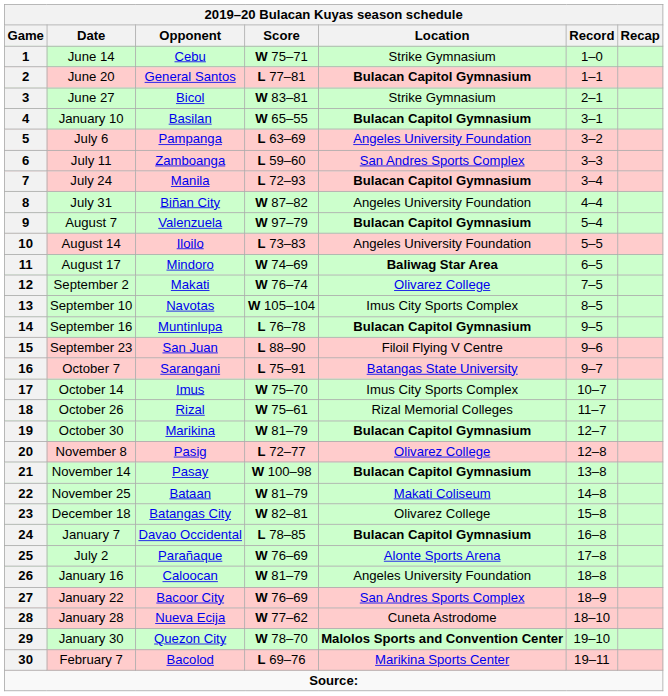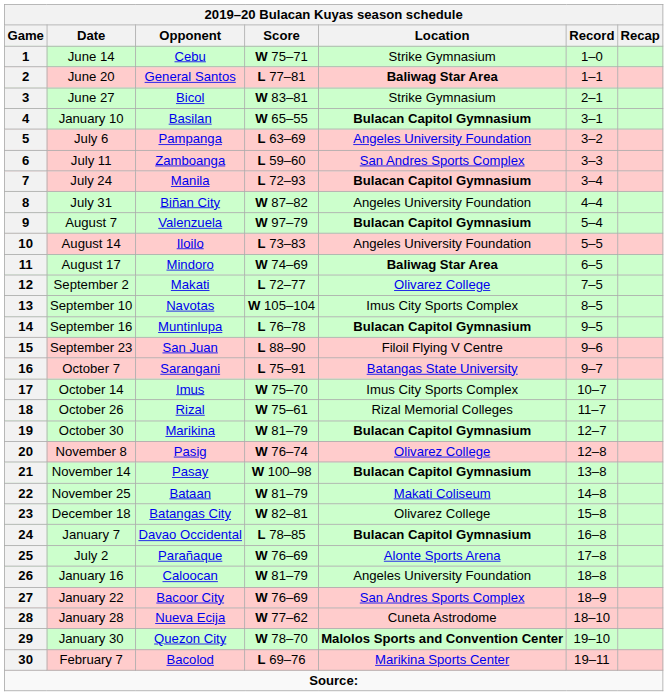 <table class="wikitable" style="text-align:center">
 <tr>
 <th colspan=7>2019–20 Bulacan Kuyas season schedule</th>
 </tr>
 <tr>
 <th>Game</th>
 <th>Date</th>
 <th>Opponent</th>
 <th>Score</th>
 <th>Location</th>
 <th>Record</th>
 <th>Recap<br></th>
 </tr>
 <tr style="background:#cfc">
 <th>1</th>
 <td>June 14</td>
 <td><a href='#'>Cebu</a></td>
 <td><strong>W</strong> 75–71</td>
 <td>Strike Gymnasium</td>
 <td>1–0</td>
 <td></td>
 </tr>
 <tr style="background:#fcc">
 <th>2</th>
 <td>June 20</td>
 <td><a href='#'>General Santos</a></td>
 <td><strong>L</strong> 77–81</td>
-<td><strong>Bulacan Capitol Gymnasium</strong></td>
+<td><strong>Baliwag Star Area</strong></td>
 <td>1–1</td>
 <td></td>
 </tr>
 <tr style="background:#cfc">
 <th>3</th>
 <td>June 27</td>
 <td><a href='#'>Bicol</a></td>
 <td><strong>W</strong> 83–81</td>
 <td>Strike Gymnasium</td>
 <td>2–1</td>
 <td></td>
 </tr>
 <tr style="background:#cfc">
 <th>4</th>
 <td>January 10</td>
 <td><a href='#'>Basilan</a></td>
 <td><strong>W</strong> 65–55</td>
 <td><strong>Bulacan Capitol Gymnasium</strong></td>
 <td>3–1</td>
 <td></td>
 </tr>
 <tr style="background:#fcc">
 <th>5</th>
 <td>July 6</td>
 <td><a href='#'>Pampanga</a></td>
 <td><strong>L</strong> 63–69</td>
 <td><a href='#'>Angeles University Foundation</a></td>
 <td>3–2</td>
 <td></td>
 </tr>
 <tr style="background:#fcc">
 <th>6</th>
 <td>July 11</td>
 <td><a href='#'>Zamboanga</a></td>
 <td><strong>L</strong> 59–60</td>
 <td><a href='#'>San Andres Sports Complex</a></td>
 <td>3–3</td>
 <td></td>
 </tr>
 <tr style="background:#fcc">
 <th>7</th>
 <td>July 24</td>
 <td><a href='#'>Manila</a></td>
 <td><strong>L</strong> 72–93</td>
 <td><strong>Bulacan Capitol Gymnasium</strong></td>
 <td>3–4</td>
 <td></td>
 </tr>
 <tr style="background:#cfc">
 <th>8</th>
 <td>July 31</td>
 <td><a href='#'>Biñan City</a></td>
 <td><strong>W</strong> 87–82</td>
 <td>Angeles University Foundation</td>
 <td>4–4</td>
 <td></td>
 </tr>
 <tr style="background:#cfc">
 <th>9</th>
 <td>August 7</td>
 <td><a href='#'>Valenzuela</a></td>
 <td><strong>W</strong> 97–79</td>
 <td><strong>Bulacan Capitol Gymnasium</strong></td>
 <td>5–4</td>
 <td></td>
 </tr>
 <tr style="background:#fcc">
 <th>10</th>
 <td>August 14</td>
 <td><a href='#'>Iloilo</a></td>
 <td><strong>L</strong> 73–83</td>
 <td>Angeles University Foundation</td>
 <td>5–5</td>
 <td></td>
 </tr>
 <tr style="background:#cfc">
 <th>11</th>
 <td>August 17</td>
 <td><a href='#'>Mindoro</a></td>
 <td><strong>W</strong> 74–69</td>
 <td><strong>Baliwag Star Area</strong></td>
 <td>6–5</td>
 <td><br></td>
 </tr>
 <tr style="background:#cfc">
 <th>12</th>
 <td>September 2</td>
 <td><a href='#'>Makati</a></td>
-<td><strong>W</strong> 76–74</td>
+<td><strong>L</strong> 72–77</td>
 <td><a href='#'>Olivarez College</a></td>
 <td>7–5</td>
 <td></td>
 </tr>
 <tr style="background:#cfc">
 <th>13</th>
 <td>September 10</td>
 <td><a href='#'>Navotas</a></td>
 <td><strong>W</strong> 105–104</td>
 <td>Imus City Sports Complex</td>
 <td>8–5</td>
 <td></td>
 </tr>
 <tr style="background:#cfc">
 <th>14</th>
 <td>September 16</td>
 <td><a href='#'>Muntinlupa</a></td>
 <td><strong>L</strong> 76–78</td>
 <td><strong>Bulacan Capitol Gymnasium</strong></td>
 <td>9–5</td>
 <td></td>
 </tr>
 <tr style="background:#fcc">
 <th>15</th>
 <td>September 23</td>
 <td><a href='#'>San Juan</a></td>
 <td><strong>L</strong> 88–90</td>
 <td>Filoil Flying V Centre</td>
 <td>9–6</td>
 <td></td>
 </tr>
 <tr style="background:#fcc">
 <th>16</th>
 <td>October 7</td>
 <td><a href='#'>Sarangani</a></td>
 <td><strong>L</strong> 75–91</td>
 <td><a href='#'>Batangas State University</a></td>
 <td>9–7</td>
 <td></td>
 </tr>
 <tr style="background:#cfc">
 <th>17</th>
 <td>October 14</td>
 <td><a href='#'>Imus</a></td>
 <td><strong>W</strong> 75–70</td>
 <td>Imus City Sports Complex</td>
 <td>10–7</td>
 <td></td>
 </tr>
 <tr style="background:#cfc">
 <th>18</th>
 <td>October 26</td>
 <td><a href='#'>Rizal</a></td>
 <td><strong>W</strong> 75–61</td>
 <td>Rizal Memorial Colleges</td>
 <td>11–7</td>
 <td></td>
 </tr>
 <tr style="background:#cfc">
 <th>19</th>
 <td>October 30</td>
 <td><a href='#'>Marikina</a></td>
 <td><strong>W</strong> 81–79</td>
 <td><strong>Bulacan Capitol Gymnasium</strong></td>
 <td>12–7</td>
 <td></td>
 </tr>
 <tr style="background:#fcc">
 <th>20</th>
 <td>November 8</td>
 <td><a href='#'>Pasig</a></td>
-<td><strong>L</strong> 72–77</td>
+<td><strong>W</strong> 76–74</td>
 <td><a href='#'>Olivarez College</a></td>
 <td>12–8</td>
 <td></td>
 </tr>
 <tr style="background:#cfc">
 <th>21</th>
 <td>November 14</td>
 <td><a href='#'>Pasay</a></td>
 <td><strong>W</strong> 100–98</td>
 <td><strong>Bulacan Capitol Gymnasium</strong></td>
 <td>13–8</td>
 <td></td>
 </tr>
 <tr style="background:#cfc">
 <th>22</th>
 <td>November 25</td>
 <td><a href='#'>Bataan</a></td>
 <td><strong>W</strong> 81–79</td>
 <td><a href='#'>Makati Coliseum</a></td>
 <td>14–8</td>
 <td><br></td>
 </tr>
 <tr style="background:#cfc">
 <th>23</th>
 <td>December 18</td>
 <td><a href='#'>Batangas City</a></td>
 <td><strong>W</strong> 82–81</td>
 <td>Olivarez College</td>
 <td>15–8</td>
 <td></td>
 </tr>
 <tr style="background:#cfc">
 <th>24</th>
 <td>January 7</td>
 <td><a href='#'>Davao Occidental</a></td>
 <td><strong>L</strong> 78–85</td>
 <td><strong>Bulacan Capitol Gymnasium</strong></td>
 <td>16–8</td>
 <td></td>
 </tr>
 <tr style="background:#cfc">
 <th>25</th>
 <td>July 2</td>
 <td><a href='#'>Parañaque</a></td>
 <td><strong>W</strong> 76–69</td>
 <td><a href='#'>Alonte Sports Arena</a></td>
 <td>17–8</td>
 <td></td>
 </tr>
 <tr style="background:#cfc">
 <th>26</th>
 <td>January 16</td>
 <td><a href='#'>Caloocan</a></td>
 <td><strong>W</strong> 81–79</td>
 <td>Angeles University Foundation</td>
 <td>18–8</td>
 <td></td>
 </tr>
 <tr style="background:#fcc">
 <th>27</th>
 <td>January 22</td>
 <td><a href='#'>Bacoor City</a></td>
 <td><strong>W</strong> 76–69</td>
 <td><a href='#'>San Andres Sports Complex</a></td>
 <td>18–9</td>
 <td></td>
 </tr>
 <tr style="background:#fcc">
 <th>28</th>
 <td>January 28</td>
 <td><a href='#'>Nueva Ecija</a></td>
 <td><strong>W</strong> 77–62</td>
 <td>Cuneta Astrodome</td>
 <td>18–10</td>
 <td></td>
 </tr>
 <tr style="background:#cfc">
 <th>29</th>
 <td>January 30</td>
 <td><a href='#'>Quezon City</a></td>
 <td><strong>W</strong> 78–70</td>
 <td><strong>Malolos Sports and Convention Center</strong></td>
 <td>19–10</td>
 <td></td>
 </tr>
 <tr style="background:#fcc">
 <th>30</th>
 <td>February 7</td>
 <td><a href='#'>Bacolod</a></td>
 <td><strong>L</strong> 69–76</td>
 <td><a href='#'>Marikina Sports Center</a></td>
 <td>19–11</td>
 <td></td>
 </tr>
 <tr>
 <td colspan=7 align=center><strong>Source: </strong></td>
 </tr>
 </table>
